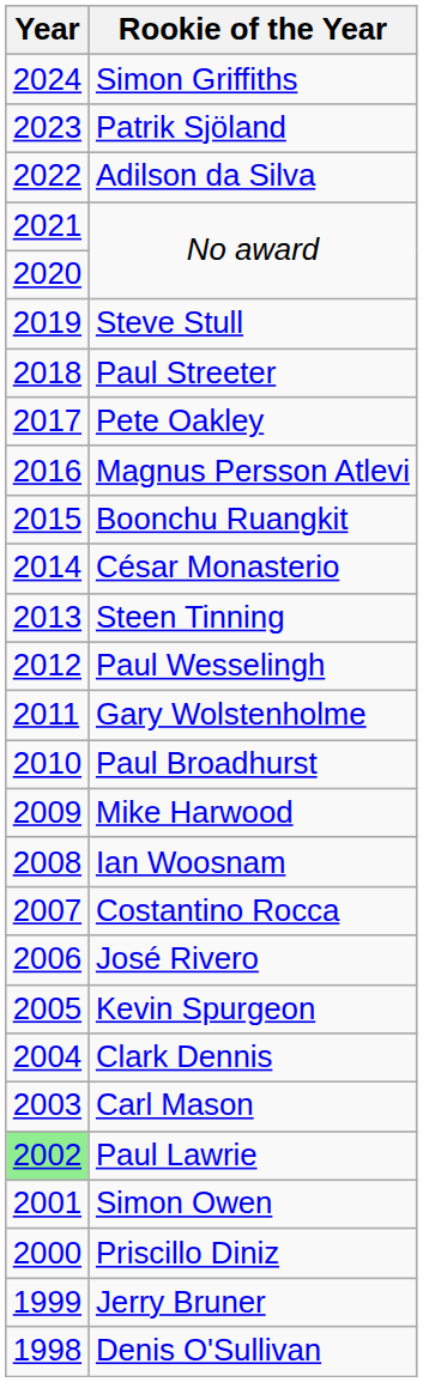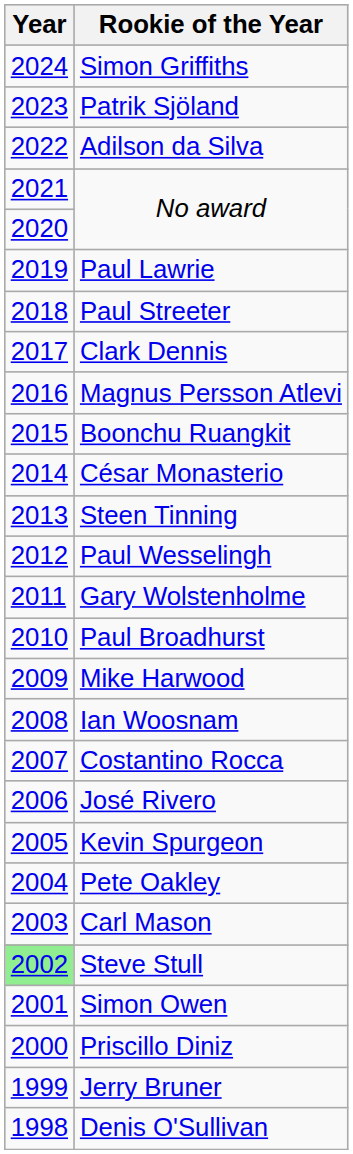 <table class="wikitable">
 <tr>
 <th>Year</th>
 <th>Rookie of the Year</th>
 </tr>
 <tr>
 <td align=center><a href='#'>2024</a></td>
 <td> <a href='#'>Simon Griffiths</a></td>
 </tr>
 <tr>
 <td align=center><a href='#'>2023</a></td>
 <td> <a href='#'>Patrik Sjöland</a></td>
 </tr>
 <tr>
 <td align=center><a href='#'>2022</a></td>
 <td> <a href='#'>Adilson da Silva</a></td>
 </tr>
 <tr>
 <td align=center><a href='#'>2021</a></td>
 <td rowspan=2 align=center><em>No award</em></td>
 </tr>
 <tr>
 <td align=center><a href='#'>2020</a></td>
 </tr>
 <tr>
 <td><a href='#'>2019</a></td>
-<td> <a href='#'>Steve Stull</a></td>
+<td> <a href='#'>Paul Lawrie</a></td>
 </tr>
 <tr>
 <td><a href='#'>2018</a></td>
 <td> <a href='#'>Paul Streeter</a></td>
 </tr>
 <tr>
 <td><a href='#'>2017</a></td>
-<td> <a href='#'>Pete Oakley</a></td>
+<td> <a href='#'>Clark Dennis</a></td>
 </tr>
 <tr>
 <td><a href='#'>2016</a></td>
 <td> <a href='#'>Magnus Persson Atlevi</a></td>
 </tr>
 <tr>
 <td><a href='#'>2015</a></td>
 <td> <a href='#'>Boonchu Ruangkit</a></td>
 </tr>
 <tr>
 <td><a href='#'>2014</a></td>
 <td> <a href='#'>César Monasterio</a></td>
 </tr>
 <tr>
 <td><a href='#'>2013</a></td>
 <td> <a href='#'>Steen Tinning</a></td>
 </tr>
 <tr>
 <td><a href='#'>2012</a></td>
 <td> <a href='#'>Paul Wesselingh</a></td>
 </tr>
 <tr>
 <td><a href='#'>2011</a></td>
 <td> <a href='#'>Gary Wolstenholme</a></td>
 </tr>
 <tr>
 <td><a href='#'>2010</a></td>
 <td> <a href='#'>Paul Broadhurst</a></td>
 </tr>
 <tr>
 <td><a href='#'>2009</a></td>
 <td> <a href='#'>Mike Harwood</a></td>
 </tr>
 <tr>
 <td><a href='#'>2008</a></td>
 <td> <a href='#'>Ian Woosnam</a></td>
 </tr>
 <tr>
 <td><a href='#'>2007</a></td>
 <td> <a href='#'>Costantino Rocca</a></td>
 </tr>
 <tr>
 <td><a href='#'>2006</a></td>
 <td> <a href='#'>José Rivero</a></td>
 </tr>
 <tr>
 <td><a href='#'>2005</a></td>
 <td> <a href='#'>Kevin Spurgeon</a></td>
 </tr>
 <tr>
 <td><a href='#'>2004</a></td>
-<td> <a href='#'>Clark Dennis</a></td>
+<td> <a href='#'>Pete Oakley</a></td>
 </tr>
 <tr>
 <td><a href='#'>2003</a></td>
 <td> <a href='#'>Carl Mason</a></td>
 </tr>
 <tr>
 <td style="background: lightgreen;"><a href='#'>2002</a></td>
-<td> <a href='#'>Paul Lawrie</a></td>
+<td> <a href='#'>Steve Stull</a></td>
 </tr>
 <tr>
 <td><a href='#'>2001</a></td>
 <td> <a href='#'>Simon Owen</a></td>
 </tr>
 <tr>
 <td><a href='#'>2000</a></td>
 <td> <a href='#'>Priscillo Diniz</a></td>
 </tr>
 <tr>
 <td><a href='#'>1999</a></td>
 <td> <a href='#'>Jerry Bruner</a></td>
 </tr>
 <tr>
 <td><a href='#'>1998</a></td>
 <td> <a href='#'>Denis O'Sullivan</a></td>
 </tr>
 </table>
